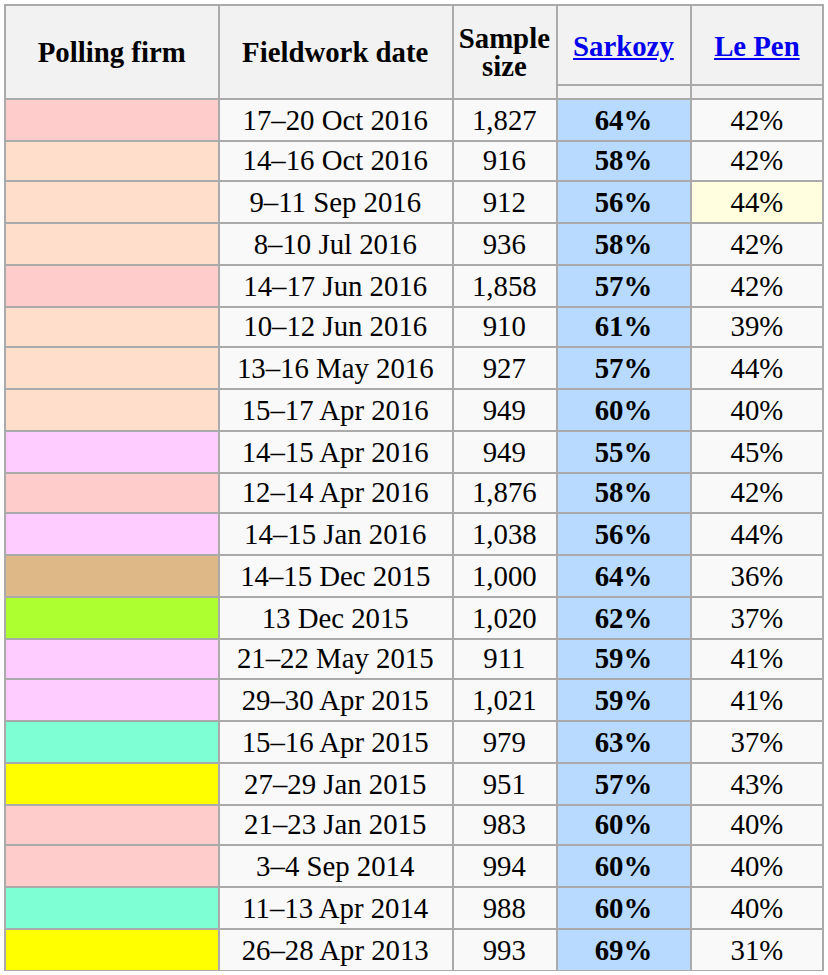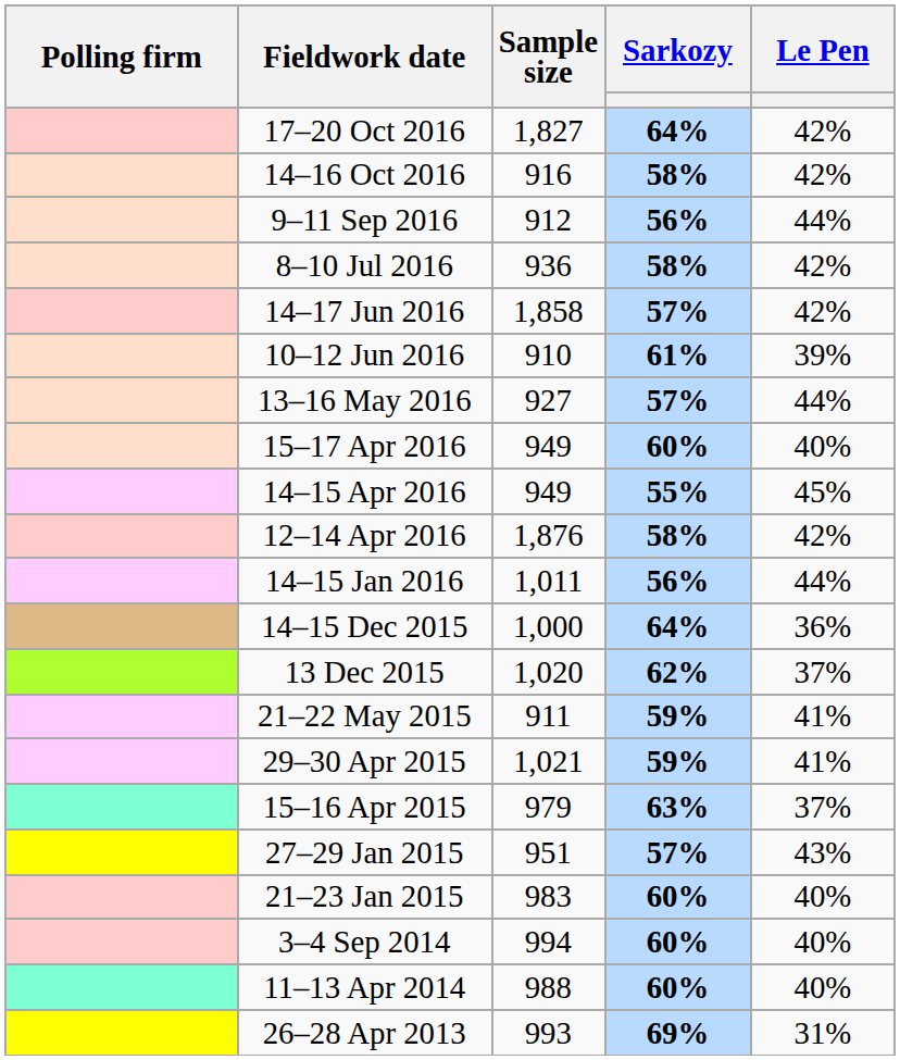 <table class="wikitable sortable" style="text-align:center;font-size:90%;line-height:14px;">
 <tr style="height:40px;">
 <th style="width:100px;" rowspan="2">Polling firm</th>
 <th style="width:110px;" rowspan="2">Fieldwork date</th>
 <th style="width:35px;" rowspan="2">Sample<br>size</th>
 <th class="unsortable" style="width:60px;"><a href='#'>Sarkozy</a><br></th>
 <th class="unsortable" style="width:60px;"><a href='#'>Le Pen</a><br></th>
 </tr>
 <tr>
 <th style="background:"></th>
 <th style="background:"></th>
 </tr>
 <tr>
 <td style="background:#FFCCCC;"></td>
 <td data-sort-value="2016-10-20">17–20 Oct 2016</td>
 <td>1,827</td>
 <td style="background:#B9DAFF;"><strong>64%</strong></td>
 <td>42%</td>
 </tr>
 <tr>
 <td style="background:#FFDFCC;"> </td>
 <td data-sort-value="2016-10-16">14–16 Oct 2016</td>
 <td>916</td>
 <td style="background:#B9DAFF;"><strong>58%</strong></td>
 <td>42%</td>
 </tr>
 <tr>
 <td style="background:#FFDFCC;"> </td>
 <td data-sort-value="2016-09-11">9–11 Sep 2016</td>
 <td>912</td>
 <td style="background:#B9DAFF;"><strong>56%</strong></td>
-<td style="background: lightyellow;">44%</td>
+<td>44%</td>
 </tr>
 <tr>
 <td style="background:#FFDFCC;"> </td>
 <td data-sort-value="2016-07-10">8–10 Jul 2016</td>
 <td>936</td>
 <td style="background:#B9DAFF;"><strong>58%</strong></td>
 <td>42%</td>
 </tr>
 <tr>
 <td style="background:#FFCCCC;"></td>
 <td data-sort-value="2016-06-17">14–17 Jun 2016</td>
 <td>1,858</td>
 <td style="background:#B9DAFF;"><strong>57%</strong></td>
 <td>42%</td>
 </tr>
 <tr>
 <td style="background:#FFDFCC;"> </td>
 <td data-sort-value="2016-06-12">10–12 Jun 2016</td>
 <td>910</td>
 <td style="background:#B9DAFF;"><strong>61%</strong></td>
 <td>39%</td>
 </tr>
 <tr>
 <td style="background:#FFDFCC;"> </td>
 <td data-sort-value="2016-05-16">13–16 May 2016</td>
 <td>927</td>
 <td style="background:#B9DAFF;"><strong>57%</strong></td>
 <td>44%</td>
 </tr>
 <tr>
 <td style="background:#FFDFCC;"> </td>
 <td data-sort-value="2016-04-17">15–17 Apr 2016</td>
 <td>949</td>
 <td style="background:#B9DAFF;"><strong>60%</strong></td>
 <td>40%</td>
 </tr>
 <tr>
 <td style="background:#FFCCFF;"></td>
 <td data-sort-value="2016-04-15">14–15 Apr 2016</td>
 <td>949</td>
 <td style="background:#B9DAFF;"><strong>55%</strong></td>
 <td>45%</td>
 </tr>
 <tr>
 <td style="background:#FFCCCC;"></td>
 <td data-sort-value="2016-04-14">12–14 Apr 2016</td>
 <td>1,876</td>
 <td style="background:#B9DAFF;"><strong>58%</strong></td>
 <td>42%</td>
 </tr>
 <tr>
 <td style="background:#FFCCFF;"></td>
 <td data-sort-value="2016-01-15">14–15 Jan 2016</td>
-<td>1,038</td>
+<td>1,011</td>
 <td style="background:#B9DAFF;"><strong>56%</strong></td>
 <td>44%</td>
 </tr>
 <tr>
 <td style="background:burlywood;"> </td>
 <td data-sort-value="2015-12-15">14–15 Dec 2015</td>
 <td>1,000</td>
 <td style="background:#B9DAFF;"><strong>64%</strong></td>
 <td>36%</td>
 </tr>
 <tr>
 <td style="background:GreenYellow;"></td>
 <td data-sort-value="2015-12-13">13 Dec 2015</td>
 <td>1,020</td>
 <td style="background:#B9DAFF;"><strong>62%</strong></td>
 <td>37%</td>
 </tr>
 <tr>
 <td style="background:#FFCCFF;"></td>
 <td data-sort-value="2015-05-22">21–22 May 2015</td>
 <td>911</td>
 <td style="background:#B9DAFF;"><strong>59%</strong></td>
 <td>41%</td>
 </tr>
 <tr>
 <td style="background:#FFCCFF;"></td>
 <td data-sort-value="2015-04-30">29–30 Apr 2015</td>
 <td>1,021</td>
 <td style="background:#B9DAFF;"><strong>59%</strong></td>
 <td>41%</td>
 </tr>
 <tr>
 <td style="background:aquamarine;"></td>
 <td data-sort-value="2015-04-16">15–16 Apr 2015</td>
 <td>979</td>
 <td style="background:#B9DAFF;"><strong>63%</strong></td>
 <td>37%</td>
 </tr>
 <tr>
 <td style="background:yellow;"> </td>
 <td data-sort-value="2015-01-29">27–29 Jan 2015</td>
 <td>951</td>
 <td style="background:#B9DAFF;"><strong>57%</strong></td>
 <td>43%</td>
 </tr>
 <tr>
 <td style="background:#FFCCCC;"></td>
 <td data-sort-value="2015-01-23">21–23 Jan 2015</td>
 <td>983</td>
 <td style="background:#B9DAFF;"><strong>60%</strong></td>
 <td>40%</td>
 </tr>
 <tr>
 <td style="background:#FFCCCC;"></td>
 <td data-sort-value="2014-09-04">3–4 Sep 2014</td>
 <td>994</td>
 <td style="background:#B9DAFF;"><strong>60%</strong></td>
 <td>40%</td>
 </tr>
 <tr>
 <td style="background:aquamarine;"></td>
 <td data-sort-value="2014-04-13">11–13 Apr 2014</td>
 <td>988</td>
 <td style="background:#B9DAFF;"><strong>60%</strong></td>
 <td>40%</td>
 </tr>
 <tr>
 <td style="background:yellow;"></td>
 <td data-sort-value="2013-04-28">26–28 Apr 2013</td>
 <td>993</td>
 <td style="background:#B9DAFF;"><strong>69%</strong></td>
 <td>31%</td>
 </tr>
 </table>
